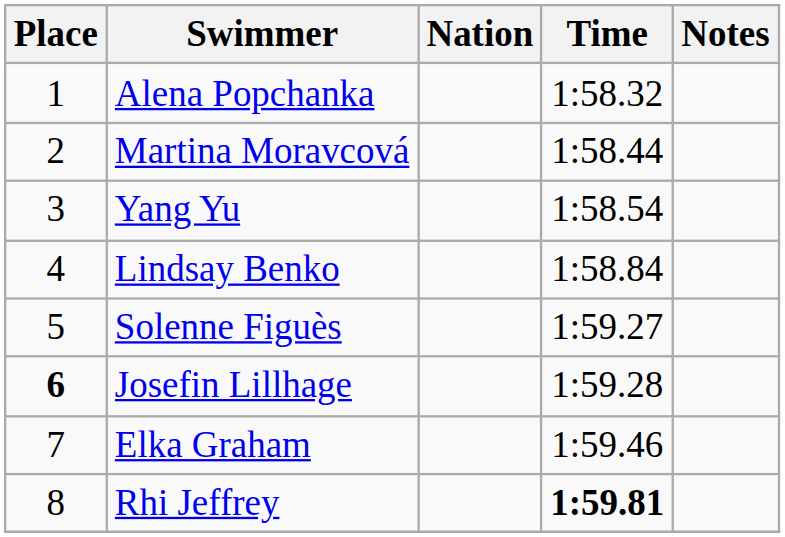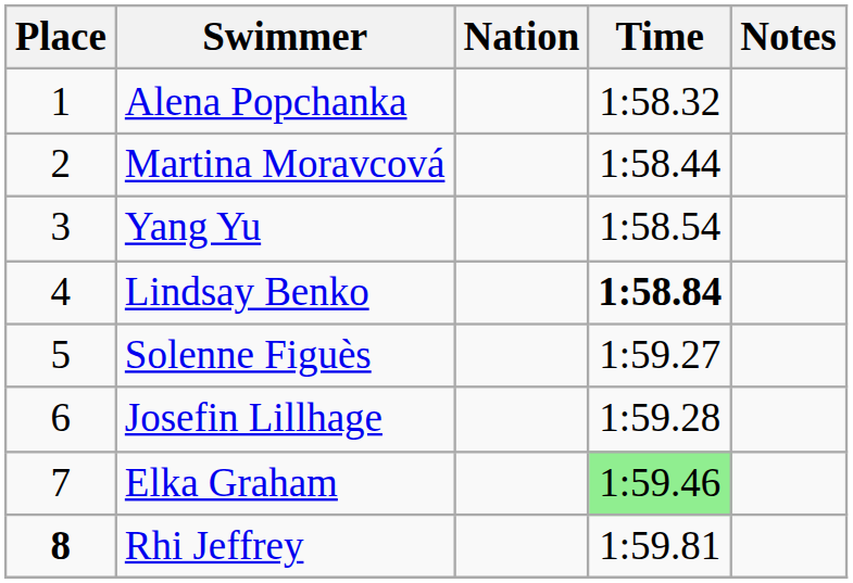 <table class="wikitable sortable" style="text-align:center">
 <tr>
 <th>Place</th>
 <th>Swimmer</th>
 <th>Nation</th>
 <th>Time</th>
 <th>Notes</th>
 </tr>
 <tr>
 <td>1</td>
 <td align=left><a href='#'>Alena Popchanka</a></td>
 <td align=left></td>
 <td>1:58.32</td>
 <td></td>
 </tr>
 <tr>
 <td>2</td>
 <td align=left><a href='#'>Martina Moravcová</a></td>
 <td align=left></td>
 <td>1:58.44</td>
 <td></td>
 </tr>
 <tr>
 <td>3</td>
 <td align=left><a href='#'>Yang Yu</a></td>
 <td align=left></td>
 <td>1:58.54</td>
 <td></td>
 </tr>
 <tr>
 <td>4</td>
 <td align=left><a href='#'>Lindsay Benko</a></td>
 <td align=left></td>
-<td>1:58.84</td>
+<td><strong>1:58.84</strong></td>
 <td></td>
 </tr>
 <tr>
 <td>5</td>
 <td align=left><a href='#'>Solenne Figuès</a></td>
 <td align=left></td>
 <td>1:59.27</td>
 <td></td>
 </tr>
 <tr>
-<td><strong>6</strong></td>
+<td>6</td>
 <td align=left><a href='#'>Josefin Lillhage</a></td>
 <td align=left></td>
 <td>1:59.28</td>
 <td></td>
 </tr>
 <tr>
 <td>7</td>
 <td align=left><a href='#'>Elka Graham</a></td>
 <td align=left></td>
-<td>1:59.46</td>
+<td style="background: lightgreen;">1:59.46</td>
 <td></td>
 </tr>
 <tr>
-<td>8</td>
+<td><strong>8</strong></td>
 <td align=left><a href='#'>Rhi Jeffrey</a></td>
 <td align=left></td>
-<td><strong>1:59.81</strong></td>
+<td>1:59.81</td>
 <td></td>
 </tr>
 <tr>
 </tr>
 </table>
